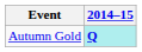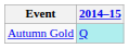 <table class="wikitable" border="1">
 <tr>
 <th>Event</th>
 <th><a href='#'>2014–15</a></th>
 </tr>
 <tr>
 <td><a href='#'>Autumn Gold</a></td>
-<td style="background:#afeeee;"><strong><a href='#'>Q</a></strong></td>
+<td style="background:#afeeee;"><a href='#'>Q</a></td>
 </tr>
 </table>
